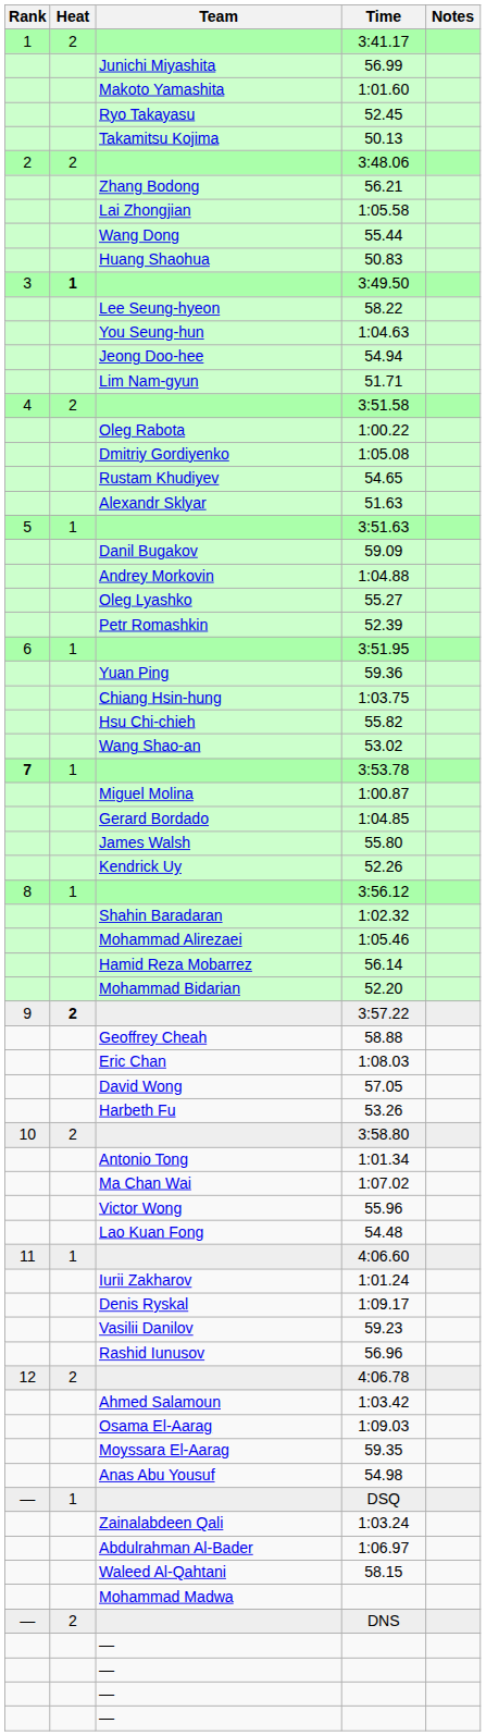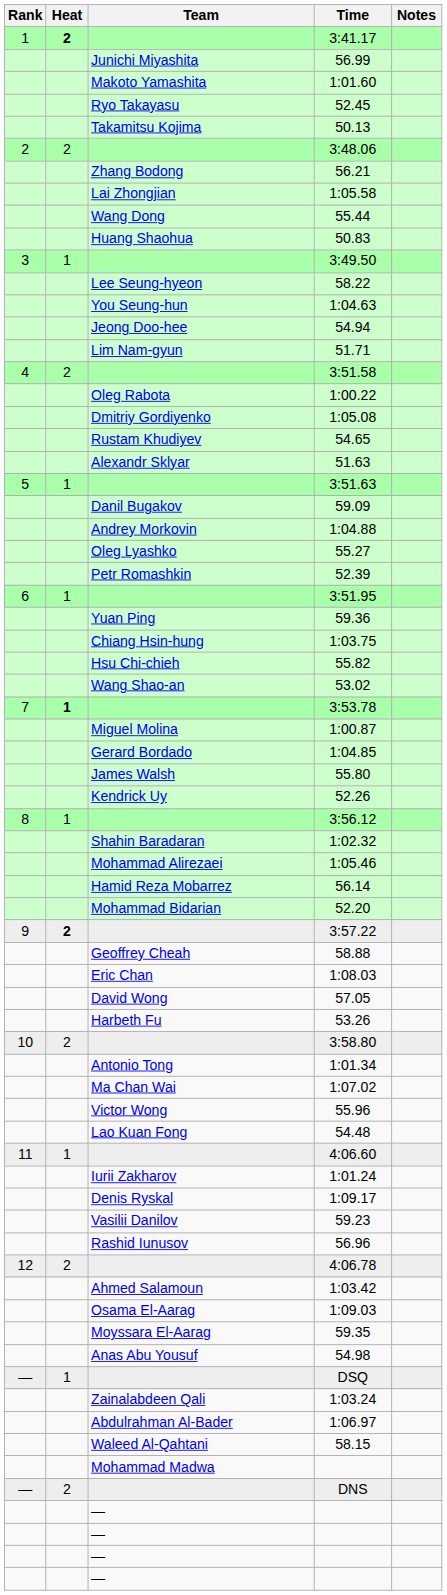 <table class="wikitable" style="text-align:center">
 <tr>
 <th width=40>Rank</th>
 <th width=40>Heat</th>
 <th width=250>Team</th>
 <th width=80>Time</th>
 <th width=50>Notes</th>
 </tr>
 <tr bgcolor="aaffaa">
 <td>1</td>
-<td>2</td>
+<td><strong>2</strong></td>
 <td align=left></td>
 <td>3:41.17</td>
 <td></td>
 </tr>
 <tr bgcolor="ccffcc">
 <td></td>
 <td></td>
 <td align=left><a href='#'>Junichi Miyashita</a></td>
 <td>56.99</td>
 <td></td>
 </tr>
 <tr bgcolor="ccffcc">
 <td></td>
 <td></td>
 <td align=left><a href='#'>Makoto Yamashita</a></td>
 <td>1:01.60</td>
 <td></td>
 </tr>
 <tr bgcolor="ccffcc">
 <td></td>
 <td></td>
 <td align=left><a href='#'>Ryo Takayasu</a></td>
 <td>52.45</td>
 <td></td>
 </tr>
 <tr bgcolor="ccffcc">
 <td></td>
 <td></td>
 <td align=left><a href='#'>Takamitsu Kojima</a></td>
 <td>50.13</td>
 <td></td>
 </tr>
 <tr bgcolor="aaffaa">
 <td>2</td>
 <td>2</td>
 <td align=left></td>
 <td>3:48.06</td>
 <td></td>
 </tr>
 <tr bgcolor="ccffcc">
 <td></td>
 <td></td>
 <td align=left><a href='#'>Zhang Bodong</a></td>
 <td>56.21</td>
 <td></td>
 </tr>
 <tr bgcolor="ccffcc">
 <td></td>
 <td></td>
 <td align=left><a href='#'>Lai Zhongjian</a></td>
 <td>1:05.58</td>
 <td></td>
 </tr>
 <tr bgcolor="ccffcc">
 <td></td>
 <td></td>
 <td align=left><a href='#'>Wang Dong</a></td>
 <td>55.44</td>
 <td></td>
 </tr>
 <tr bgcolor="ccffcc">
 <td></td>
 <td></td>
 <td align=left><a href='#'>Huang Shaohua</a></td>
 <td>50.83</td>
 <td></td>
 </tr>
 <tr bgcolor="aaffaa">
 <td>3</td>
-<td><strong>1</strong></td>
+<td>1</td>
 <td align=left></td>
 <td>3:49.50</td>
 <td></td>
 </tr>
 <tr bgcolor="ccffcc">
 <td></td>
 <td></td>
 <td align=left><a href='#'>Lee Seung-hyeon</a></td>
 <td>58.22</td>
 <td></td>
 </tr>
 <tr bgcolor="ccffcc">
 <td></td>
 <td></td>
 <td align=left><a href='#'>You Seung-hun</a></td>
 <td>1:04.63</td>
 <td></td>
 </tr>
 <tr bgcolor="ccffcc">
 <td></td>
 <td></td>
 <td align=left><a href='#'>Jeong Doo-hee</a></td>
 <td>54.94</td>
 <td></td>
 </tr>
 <tr bgcolor="ccffcc">
 <td></td>
 <td></td>
 <td align=left><a href='#'>Lim Nam-gyun</a></td>
 <td>51.71</td>
 <td></td>
 </tr>
 <tr bgcolor="aaffaa">
 <td>4</td>
 <td>2</td>
 <td align=left></td>
 <td>3:51.58</td>
 <td></td>
 </tr>
 <tr bgcolor="ccffcc">
 <td></td>
 <td></td>
 <td align=left><a href='#'>Oleg Rabota</a></td>
 <td>1:00.22</td>
 <td></td>
 </tr>
 <tr bgcolor="ccffcc">
 <td></td>
 <td></td>
 <td align=left><a href='#'>Dmitriy Gordiyenko</a></td>
 <td>1:05.08</td>
 <td></td>
 </tr>
 <tr bgcolor="ccffcc">
 <td></td>
 <td></td>
 <td align=left><a href='#'>Rustam Khudiyev</a></td>
 <td>54.65</td>
 <td></td>
 </tr>
 <tr bgcolor="ccffcc">
 <td></td>
 <td></td>
 <td align=left><a href='#'>Alexandr Sklyar</a></td>
 <td>51.63</td>
 <td></td>
 </tr>
 <tr bgcolor="aaffaa">
 <td>5</td>
 <td>1</td>
 <td align=left></td>
 <td>3:51.63</td>
 <td></td>
 </tr>
 <tr bgcolor="ccffcc">
 <td></td>
 <td></td>
 <td align=left><a href='#'>Danil Bugakov</a></td>
 <td>59.09</td>
 <td></td>
 </tr>
 <tr bgcolor="ccffcc">
 <td></td>
 <td></td>
 <td align=left><a href='#'>Andrey Morkovin</a></td>
 <td>1:04.88</td>
 <td></td>
 </tr>
 <tr bgcolor="ccffcc">
 <td></td>
 <td></td>
 <td align=left><a href='#'>Oleg Lyashko</a></td>
 <td>55.27</td>
 <td></td>
 </tr>
 <tr bgcolor="ccffcc">
 <td></td>
 <td></td>
 <td align=left><a href='#'>Petr Romashkin</a></td>
 <td>52.39</td>
 <td></td>
 </tr>
 <tr bgcolor="aaffaa">
 <td>6</td>
 <td>1</td>
 <td align=left></td>
 <td>3:51.95</td>
 <td></td>
 </tr>
 <tr bgcolor="ccffcc">
 <td></td>
 <td></td>
 <td align=left><a href='#'>Yuan Ping</a></td>
 <td>59.36</td>
 <td></td>
 </tr>
 <tr bgcolor="ccffcc">
 <td></td>
 <td></td>
 <td align=left><a href='#'>Chiang Hsin-hung</a></td>
 <td>1:03.75</td>
 <td></td>
 </tr>
 <tr bgcolor="ccffcc">
 <td></td>
 <td></td>
 <td align=left><a href='#'>Hsu Chi-chieh</a></td>
 <td>55.82</td>
 <td></td>
 </tr>
 <tr bgcolor="ccffcc">
 <td></td>
 <td></td>
 <td align=left><a href='#'>Wang Shao-an</a></td>
 <td>53.02</td>
 <td></td>
 </tr>
 <tr bgcolor="aaffaa">
-<td><strong>7</strong></td>
-<td>1</td>
+<td>7</td>
+<td><strong>1</strong></td>
 <td align=left></td>
 <td>3:53.78</td>
 <td></td>
 </tr>
 <tr bgcolor="ccffcc">
 <td></td>
 <td></td>
 <td align=left><a href='#'>Miguel Molina</a></td>
 <td>1:00.87</td>
 <td></td>
 </tr>
 <tr bgcolor="ccffcc">
 <td></td>
 <td></td>
 <td align=left><a href='#'>Gerard Bordado</a></td>
 <td>1:04.85</td>
 <td></td>
 </tr>
 <tr bgcolor="ccffcc">
 <td></td>
 <td></td>
 <td align=left><a href='#'>James Walsh</a></td>
 <td>55.80</td>
 <td></td>
 </tr>
 <tr bgcolor="ccffcc">
 <td></td>
 <td></td>
 <td align=left><a href='#'>Kendrick Uy</a></td>
 <td>52.26</td>
 <td></td>
 </tr>
 <tr bgcolor="aaffaa">
 <td>8</td>
 <td>1</td>
 <td align=left></td>
 <td>3:56.12</td>
 <td></td>
 </tr>
 <tr bgcolor="ccffcc">
 <td></td>
 <td></td>
 <td align=left><a href='#'>Shahin Baradaran</a></td>
 <td>1:02.32</td>
 <td></td>
 </tr>
 <tr bgcolor="ccffcc">
 <td></td>
 <td></td>
 <td align=left><a href='#'>Mohammad Alirezaei</a></td>
 <td>1:05.46</td>
 <td></td>
 </tr>
 <tr bgcolor="ccffcc">
 <td></td>
 <td></td>
 <td align=left><a href='#'>Hamid Reza Mobarrez</a></td>
 <td>56.14</td>
 <td></td>
 </tr>
 <tr bgcolor="ccffcc">
 <td></td>
 <td></td>
 <td align=left><a href='#'>Mohammad Bidarian</a></td>
 <td>52.20</td>
 <td></td>
 </tr>
 <tr bgcolor=eeeeee>
 <td>9</td>
 <td><strong>2</strong></td>
 <td align=left></td>
 <td>3:57.22</td>
 <td></td>
 </tr>
 <tr>
 <td></td>
 <td></td>
 <td align=left><a href='#'>Geoffrey Cheah</a></td>
 <td>58.88</td>
 <td></td>
 </tr>
 <tr>
 <td></td>
 <td></td>
 <td align=left><a href='#'>Eric Chan</a></td>
 <td>1:08.03</td>
 <td></td>
 </tr>
 <tr>
 <td></td>
 <td></td>
 <td align=left><a href='#'>David Wong</a></td>
 <td>57.05</td>
 <td></td>
 </tr>
 <tr>
 <td></td>
 <td></td>
 <td align=left><a href='#'>Harbeth Fu</a></td>
 <td>53.26</td>
 <td></td>
 </tr>
 <tr bgcolor=eeeeee>
 <td>10</td>
 <td>2</td>
 <td align=left></td>
 <td>3:58.80</td>
 <td></td>
 </tr>
 <tr>
 <td></td>
 <td></td>
 <td align=left><a href='#'>Antonio Tong</a></td>
 <td>1:01.34</td>
 <td></td>
 </tr>
 <tr>
 <td></td>
 <td></td>
 <td align=left><a href='#'>Ma Chan Wai</a></td>
 <td>1:07.02</td>
 <td></td>
 </tr>
 <tr>
 <td></td>
 <td></td>
 <td align=left><a href='#'>Victor Wong</a></td>
 <td>55.96</td>
 <td></td>
 </tr>
 <tr>
 <td></td>
 <td></td>
 <td align=left><a href='#'>Lao Kuan Fong</a></td>
 <td>54.48</td>
 <td></td>
 </tr>
 <tr bgcolor=eeeeee>
 <td>11</td>
 <td>1</td>
 <td align=left></td>
 <td>4:06.60</td>
 <td></td>
 </tr>
 <tr>
 <td></td>
 <td></td>
 <td align=left><a href='#'>Iurii Zakharov</a></td>
 <td>1:01.24</td>
 <td></td>
 </tr>
 <tr>
 <td></td>
 <td></td>
 <td align=left><a href='#'>Denis Ryskal</a></td>
 <td>1:09.17</td>
 <td></td>
 </tr>
 <tr>
 <td></td>
 <td></td>
 <td align=left><a href='#'>Vasilii Danilov</a></td>
 <td>59.23</td>
 <td></td>
 </tr>
 <tr>
 <td></td>
 <td></td>
 <td align=left><a href='#'>Rashid Iunusov</a></td>
 <td>56.96</td>
 <td></td>
 </tr>
 <tr bgcolor=eeeeee>
 <td>12</td>
 <td>2</td>
 <td align=left></td>
 <td>4:06.78</td>
 <td></td>
 </tr>
 <tr>
 <td></td>
 <td></td>
 <td align=left><a href='#'>Ahmed Salamoun</a></td>
 <td>1:03.42</td>
 <td></td>
 </tr>
 <tr>
 <td></td>
 <td></td>
 <td align=left><a href='#'>Osama El-Aarag</a></td>
 <td>1:09.03</td>
 <td></td>
 </tr>
 <tr>
 <td></td>
 <td></td>
 <td align=left><a href='#'>Moyssara El-Aarag</a></td>
 <td>59.35</td>
 <td></td>
 </tr>
 <tr>
 <td></td>
 <td></td>
 <td align=left><a href='#'>Anas Abu Yousuf</a></td>
 <td>54.98</td>
 <td></td>
 </tr>
 <tr bgcolor=eeeeee>
 <td>—</td>
 <td>1</td>
 <td align=left></td>
 <td>DSQ</td>
 <td></td>
 </tr>
 <tr>
 <td></td>
 <td></td>
 <td align=left><a href='#'>Zainalabdeen Qali</a></td>
 <td>1:03.24</td>
 <td></td>
 </tr>
 <tr>
 <td></td>
 <td></td>
 <td align=left><a href='#'>Abdulrahman Al-Bader</a></td>
 <td>1:06.97</td>
 <td></td>
 </tr>
 <tr>
 <td></td>
 <td></td>
 <td align=left><a href='#'>Waleed Al-Qahtani</a></td>
 <td>58.15</td>
 <td></td>
 </tr>
 <tr>
 <td></td>
 <td></td>
 <td align=left><a href='#'>Mohammad Madwa</a></td>
 <td></td>
 <td></td>
 </tr>
 <tr bgcolor=eeeeee>
 <td>—</td>
 <td>2</td>
 <td align=left></td>
 <td>DNS</td>
 <td></td>
 </tr>
 <tr>
 <td></td>
 <td></td>
 <td align=left>—</td>
 <td></td>
 <td></td>
 </tr>
 <tr>
 <td></td>
 <td></td>
 <td align=left>—</td>
 <td></td>
 <td></td>
 </tr>
 <tr>
 <td></td>
 <td></td>
 <td align=left>—</td>
 <td></td>
 <td></td>
 </tr>
 <tr>
 <td></td>
 <td></td>
 <td align=left>—</td>
 <td></td>
 <td></td>
 </tr>
 </table>
